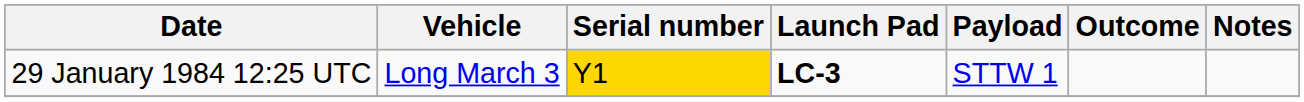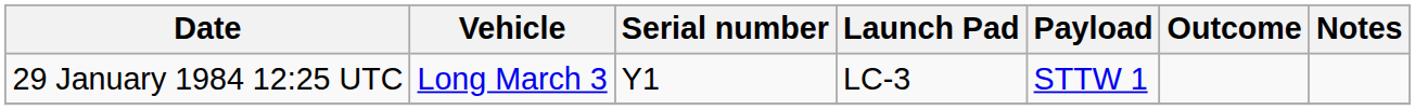 <table class=wikitable>
 <tr>
 <th>Date</th>
 <th>Vehicle</th>
 <th>Serial number</th>
 <th>Launch Pad</th>
 <th>Payload</th>
 <th>Outcome</th>
 <th>Notes</th>
 </tr>
 <tr>
 <td>29 January 1984 12:25 UTC</td>
 <td><a href='#'>Long March 3</a></td>
-<td style="background: gold;">Y1</td>
-<td><strong>LC-3</strong></td>
+<td>Y1</td>
+<td>LC-3</td>
 <td><a href='#'>STTW 1</a></td>
 <td></td>
 <td></td>
 </tr>
 <tr>
 </tr>
 </table>
